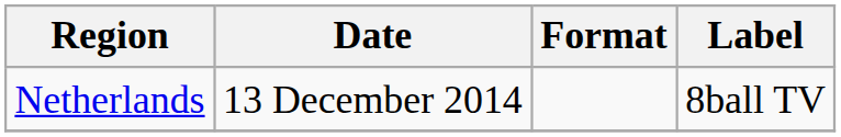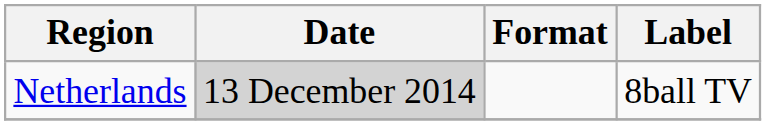 <table class=wikitable>
 <tr>
 <th>Region</th>
 <th>Date</th>
 <th>Format</th>
 <th>Label</th>
 </tr>
 <tr>
 <td><a href='#'>Netherlands</a></td>
-<td>13 December 2014</td>
+<td style="background: lightgrey;">13 December 2014</td>
 <td></td>
 <td>8ball TV</td>
 </tr>
 <tr>
 </tr>
 </table>
